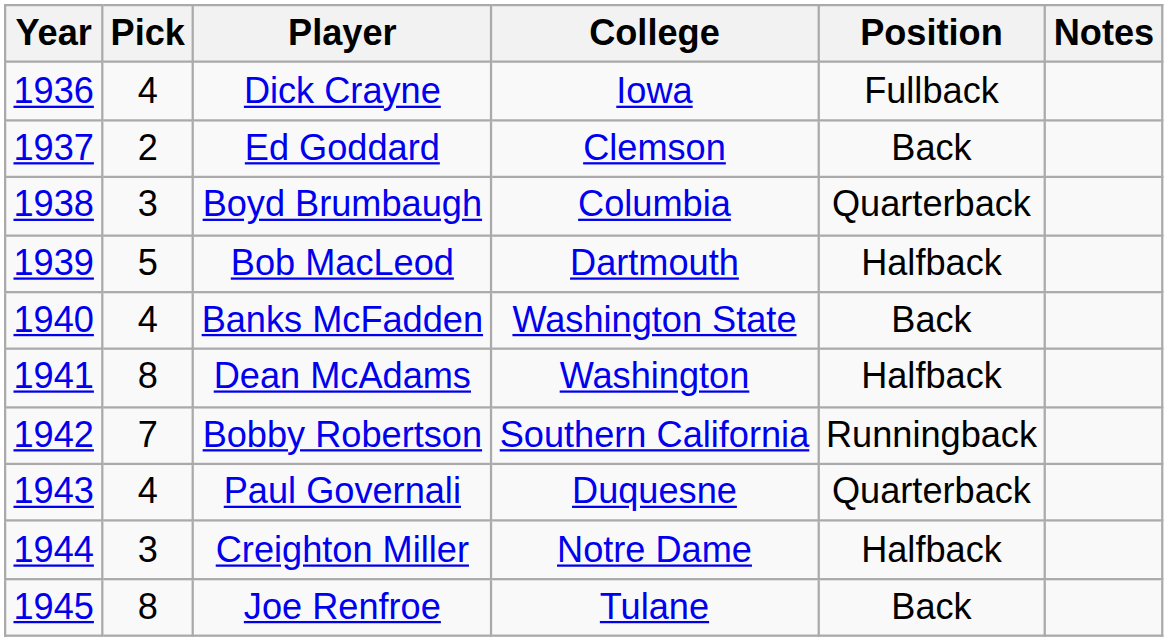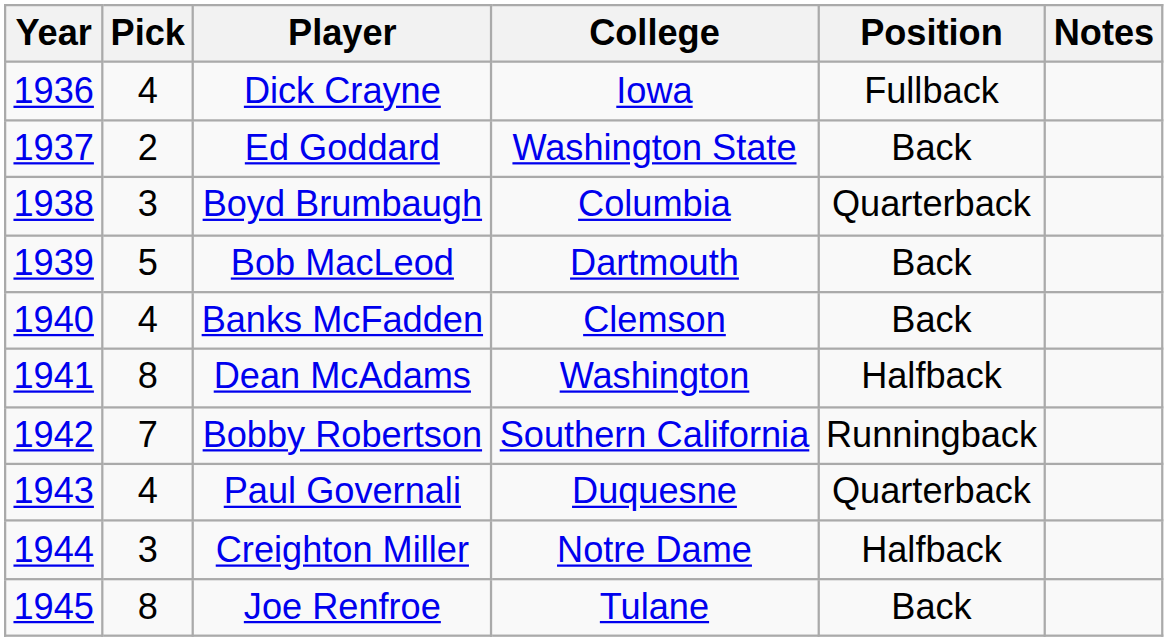 <table class="wikitable" style="text-align:center">
 <tr>
 <th>Year</th>
 <th>Pick</th>
 <th>Player</th>
 <th>College</th>
 <th>Position</th>
 <th class=unsortable>Notes</th>
 </tr>
 <tr>
 <td><a href='#'>1936</a></td>
 <td>4</td>
 <td><a href='#'>Dick Crayne</a></td>
 <td><a href='#'>Iowa</a></td>
 <td>Fullback</td>
 <td></td>
 </tr>
 <tr>
 <td><a href='#'>1937</a></td>
 <td>2</td>
 <td><a href='#'>Ed Goddard</a></td>
-<td><a href='#'>Clemson</a></td>
+<td><a href='#'>Washington State</a></td>
 <td>Back</td>
 <td></td>
 </tr>
 <tr>
 <td><a href='#'>1938</a></td>
 <td>3</td>
 <td><a href='#'>Boyd Brumbaugh</a></td>
 <td><a href='#'>Columbia</a></td>
 <td>Quarterback</td>
 <td></td>
 </tr>
 <tr>
 <td><a href='#'>1939</a></td>
 <td>5</td>
 <td><a href='#'>Bob MacLeod</a></td>
 <td><a href='#'>Dartmouth</a></td>
-<td>Halfback</td>
+<td>Back</td>
 <td></td>
 </tr>
 <tr>
 <td><a href='#'>1940</a></td>
 <td>4</td>
 <td><a href='#'>Banks McFadden</a></td>
-<td><a href='#'>Washington State</a></td>
+<td><a href='#'>Clemson</a></td>
 <td>Back</td>
 <td></td>
 </tr>
 <tr>
 <td><a href='#'>1941</a></td>
 <td>8</td>
 <td><a href='#'>Dean McAdams</a></td>
 <td><a href='#'>Washington</a></td>
 <td>Halfback</td>
 <td></td>
 </tr>
 <tr>
 <td><a href='#'>1942</a></td>
 <td>7</td>
 <td><a href='#'>Bobby Robertson</a></td>
 <td><a href='#'>Southern California</a></td>
 <td>Runningback</td>
 <td></td>
 </tr>
 <tr>
 <td><a href='#'>1943</a></td>
 <td>4</td>
 <td><a href='#'>Paul Governali</a></td>
 <td><a href='#'>Duquesne</a></td>
 <td>Quarterback</td>
 <td></td>
 </tr>
 <tr>
 <td><a href='#'>1944</a></td>
 <td>3</td>
 <td><a href='#'>Creighton Miller</a></td>
 <td><a href='#'>Notre Dame</a></td>
 <td>Halfback</td>
 <td></td>
 </tr>
 <tr>
 <td><a href='#'>1945</a></td>
 <td>8</td>
 <td><a href='#'>Joe Renfroe</a></td>
 <td><a href='#'>Tulane</a></td>
 <td>Back</td>
 <td></td>
 </tr>
 </table>
